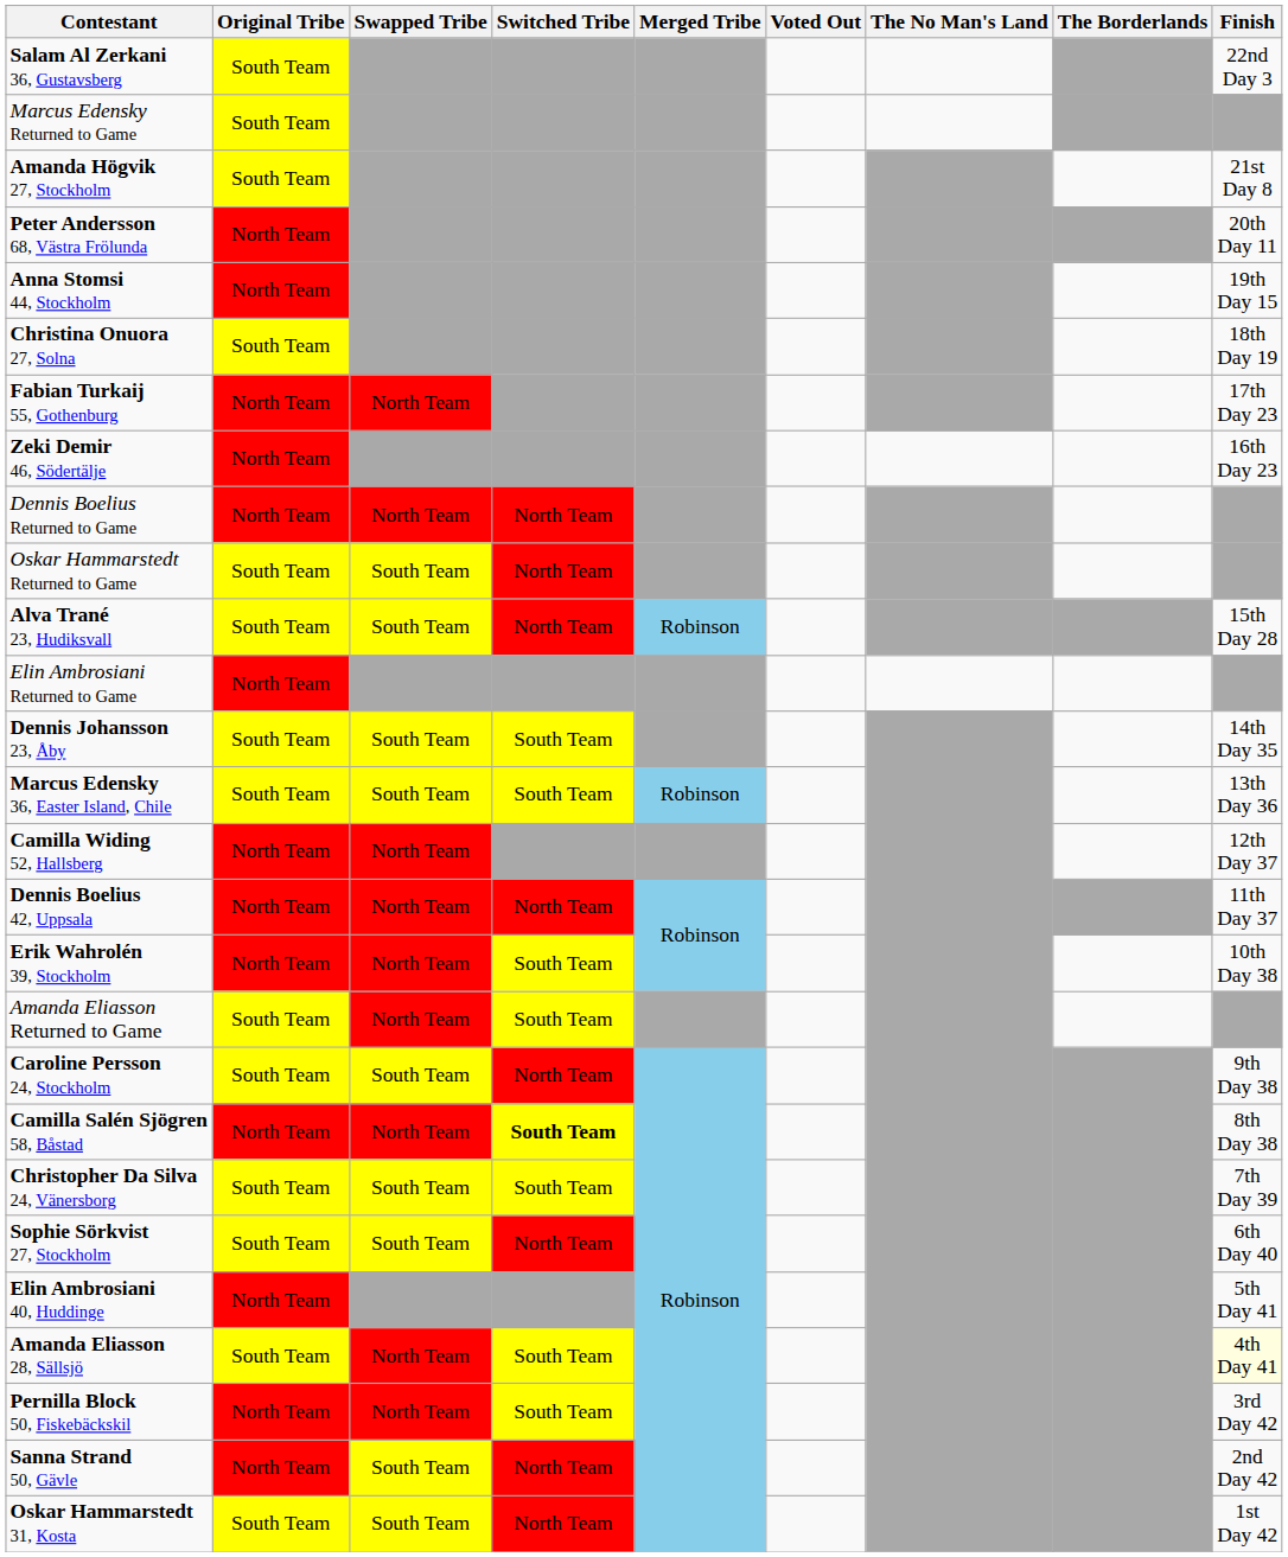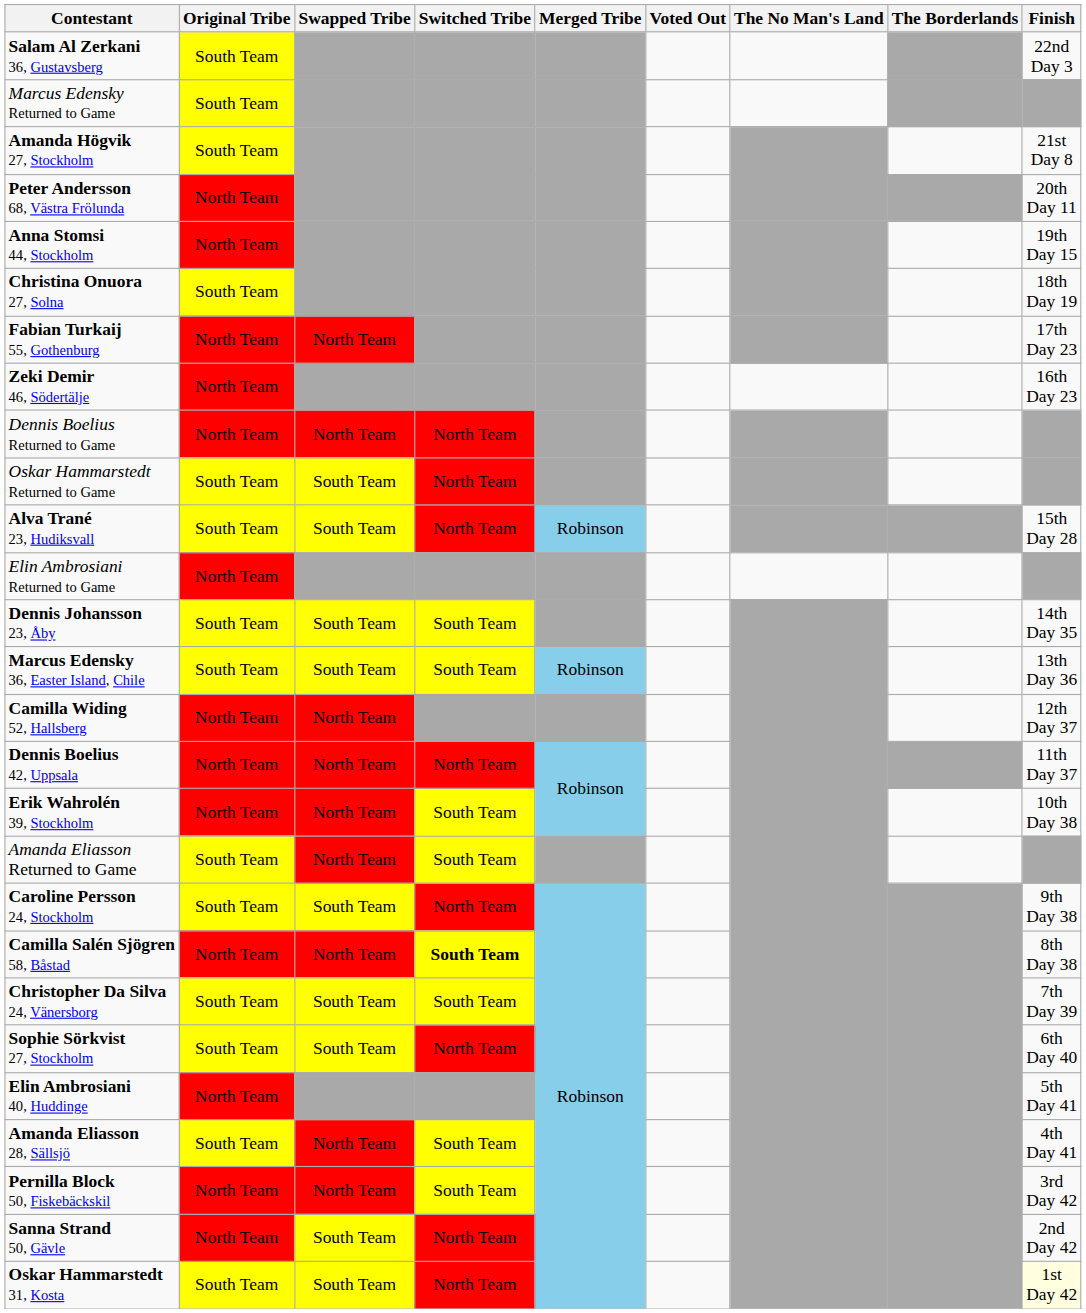 <table class="wikitable" style="margin:auto; text-align:center">
 <tr>
 <th>Contestant</th>
 <th>Original Tribe</th>
 <th>Swapped Tribe</th>
 <th>Switched Tribe</th>
 <th>Merged Tribe</th>
 <th>Voted Out</th>
 <th>The No Man's Land</th>
 <th>The Borderlands</th>
 <th>Finish</th>
 </tr>
 <tr>
 <td style="text-align: left;"><strong>Salam Al Zerkani</strong><br><small>36, <a href='#'>Gustavsberg</a></small></td>
 <td bgcolor="yellow">South Team</td>
 <td bgcolor="darkgrey"></td>
 <td bgcolor="darkgrey"></td>
 <td bgcolor="darkgrey"></td>
 <td></td>
 <td></td>
 <td bgcolor="darkgrey"></td>
 <td>22nd<br>Day 3</td>
 </tr>
 <tr>
 <td style="text-align: left;"><em>Marcus Edensky</em><br><small>Returned to Game</small></td>
 <td bgcolor="yellow">South Team</td>
 <td bgcolor="darkgrey"></td>
 <td bgcolor="darkgrey"></td>
 <td bgcolor="darkgrey"></td>
 <td></td>
 <td></td>
 <td bgcolor="darkgrey"></td>
 <td bgcolor="darkgrey"></td>
 </tr>
 <tr>
 <td style="text-align: left;"><strong>Amanda Högvik</strong><br><small>27, <a href='#'>Stockholm</a></small></td>
 <td bgcolor="yellow">South Team</td>
 <td bgcolor="darkgrey"></td>
 <td bgcolor="darkgrey"></td>
 <td bgcolor="darkgrey"></td>
 <td></td>
 <td bgcolor="darkgrey"></td>
 <td></td>
 <td>21st<br>Day 8</td>
 </tr>
 <tr>
 <td style="text-align: left;"><strong>Peter Andersson</strong><br><small>68, <a href='#'>Västra Frölunda</a></small></td>
 <td bgcolor="red">North Team</td>
 <td bgcolor="darkgrey"></td>
 <td bgcolor="darkgrey"></td>
 <td bgcolor="darkgrey"></td>
 <td></td>
 <td bgcolor="darkgrey"></td>
 <td bgcolor="darkgrey"></td>
 <td>20th<br>Day 11</td>
 </tr>
 <tr>
 <td style="text-align: left;"><strong>Anna Stomsi</strong><br><small>44, <a href='#'>Stockholm</a></small></td>
 <td bgcolor="red">North Team</td>
 <td bgcolor="darkgrey"></td>
 <td bgcolor="darkgrey"></td>
 <td bgcolor="darkgrey"></td>
 <td></td>
 <td bgcolor="darkgrey"></td>
 <td></td>
 <td>19th<br>Day 15</td>
 </tr>
 <tr>
 <td style="text-align: left;"><strong>Christina Onuora</strong><br><small>27, <a href='#'>Solna</a></small></td>
 <td bgcolor="yellow">South Team</td>
 <td bgcolor="darkgrey"></td>
 <td bgcolor="darkgrey"></td>
 <td bgcolor="darkgrey"></td>
 <td></td>
 <td bgcolor="darkgrey"></td>
 <td></td>
 <td>18th<br>Day 19</td>
 </tr>
 <tr>
 <td style="text-align: left;"><strong>Fabian Turkaij</strong><br><small>55, <a href='#'>Gothenburg</a></small></td>
 <td bgcolor="red">North Team</td>
 <td bgcolor="red">North Team</td>
 <td bgcolor="darkgrey"></td>
 <td bgcolor="darkgrey"></td>
 <td></td>
 <td bgcolor="darkgrey"></td>
 <td></td>
 <td>17th<br>Day 23</td>
 </tr>
 <tr>
 <td style="text-align: left;"><strong>Zeki Demir</strong><br><small>46, <a href='#'>Södertälje</a></small></td>
 <td bgcolor="red">North Team</td>
 <td bgcolor="darkgrey"></td>
 <td bgcolor="darkgrey"></td>
 <td bgcolor="darkgrey"></td>
 <td></td>
 <td></td>
 <td></td>
 <td>16th<br>Day 23</td>
 </tr>
 <tr>
 <td style="text-align: left;"><em>Dennis Boelius</em><br><small>Returned to Game</small></td>
 <td bgcolor="red">North Team</td>
 <td bgcolor="red">North Team</td>
 <td bgcolor="red">North Team</td>
 <td bgcolor="darkgrey"></td>
 <td></td>
 <td bgcolor="darkgrey"></td>
 <td></td>
 <td bgcolor="darkgrey"></td>
 </tr>
 <tr>
 <td style="text-align: left;"><em>Oskar Hammarstedt</em><br><small>Returned to Game</small></td>
 <td bgcolor="yellow">South Team</td>
 <td bgcolor="yellow">South Team</td>
 <td bgcolor="red">North Team</td>
 <td bgcolor="darkgrey"></td>
 <td></td>
 <td bgcolor="darkgrey"></td>
 <td></td>
 <td bgcolor="darkgrey"></td>
 </tr>
 <tr>
 <td style="text-align: left;"><strong>Alva Trané</strong><br><small>23, <a href='#'>Hudiksvall</a></small></td>
 <td bgcolor="yellow">South Team</td>
 <td bgcolor="yellow">South Team</td>
 <td bgcolor="red">North Team</td>
 <td bgcolor="skyblue">Robinson</td>
 <td></td>
 <td bgcolor="darkgrey"></td>
 <td bgcolor="darkgrey"></td>
 <td>15th<br>Day 28</td>
 </tr>
 <tr>
 <td style="text-align: left;"><em>Elin Ambrosiani</em><br><small>Returned to Game</small></td>
 <td bgcolor="red">North Team</td>
 <td bgcolor="darkgrey"></td>
 <td bgcolor="darkgrey"></td>
 <td bgcolor="darkgrey"></td>
 <td></td>
 <td></td>
 <td></td>
 <td bgcolor="darkgrey"></td>
 </tr>
 <tr>
 <td style="text-align: left;"><strong>Dennis Johansson</strong><br><small>23, <a href='#'>Åby</a></small></td>
 <td bgcolor="yellow">South Team</td>
 <td bgcolor="yellow">South Team</td>
 <td bgcolor="yellow">South Team</td>
 <td bgcolor="darkgrey"></td>
 <td></td>
 <td rowspan="15" bgcolor="darkgrey"></td>
 <td></td>
 <td>14th<br>Day 35</td>
 </tr>
 <tr>
 <td style="text-align: left;"><strong>Marcus Edensky</strong><br><small>36, <a href='#'>Easter Island</a>, <a href='#'>Chile</a></small></td>
 <td bgcolor="yellow">South Team</td>
 <td bgcolor="yellow">South Team</td>
 <td bgcolor="yellow">South Team</td>
 <td bgcolor="skyblue">Robinson</td>
 <td></td>
 <td></td>
 <td>13th<br>Day 36</td>
 </tr>
 <tr>
 <td style="text-align: left;"><strong>Camilla Widing</strong><br><small>52, <a href='#'>Hallsberg</a></small></td>
 <td bgcolor="red">North Team</td>
 <td bgcolor="red">North Team</td>
 <td bgcolor="darkgrey"></td>
 <td bgcolor="darkgrey"></td>
 <td></td>
 <td></td>
 <td>12th<br>Day 37</td>
 </tr>
 <tr>
 <td style="text-align: left;"><strong>Dennis Boelius</strong><br><small>42, <a href='#'>Uppsala</a></small></td>
 <td bgcolor="red">North Team</td>
 <td bgcolor="red">North Team</td>
 <td bgcolor="red">North Team</td>
 <td rowspan="2" bgcolor="skyblue">Robinson</td>
 <td></td>
 <td bgcolor="darkgrey"></td>
 <td>11th<br>Day 37</td>
 </tr>
 <tr>
 <td style="text-align: left;"><strong>Erik Wahrolén</strong><br><small>39, <a href='#'>Stockholm</a></small></td>
 <td bgcolor="red">North Team</td>
 <td bgcolor="red">North Team</td>
 <td bgcolor="yellow">South Team</td>
 <td></td>
 <td></td>
 <td>10th<br>Day 38</td>
 </tr>
 <tr>
 <td style="text-align: left;"><em>Amanda Eliasson</em><br>Returned to Game</td>
 <td bgcolor="yellow">South Team</td>
 <td bgcolor="red">North Team</td>
 <td bgcolor="yellow">South Team</td>
 <td bgcolor="darkgrey"></td>
 <td></td>
 <td></td>
 <td bgcolor="darkgrey"></td>
 </tr>
 <tr>
 <td style="text-align: left;"><strong>Caroline Persson</strong><br><small>24, <a href='#'>Stockholm</a></small></td>
 <td bgcolor="yellow">South Team</td>
 <td bgcolor="yellow">South Team</td>
 <td bgcolor="red">North Team</td>
 <td rowspan="9" bgcolor="skyblue">Robinson</td>
 <td></td>
 <td rowspan="9" bgcolor="darkgrey"></td>
 <td>9th<br>Day 38</td>
 </tr>
 <tr>
 <td style="text-align: left;"><strong>Camilla Salén Sjögren</strong><br><small>58, <a href='#'>Båstad</a></small></td>
 <td bgcolor="red">North Team</td>
 <td bgcolor="red">North Team</td>
 <td bgcolor="yellow"><strong>South Team</strong></td>
 <td></td>
 <td>8th<br>Day 38</td>
 </tr>
 <tr>
 <td style="text-align: left;"><strong>Christopher Da Silva</strong><br><small>24, <a href='#'>Vänersborg</a></small></td>
 <td bgcolor="yellow">South Team</td>
 <td bgcolor="yellow">South Team</td>
 <td bgcolor="yellow">South Team</td>
 <td></td>
 <td>7th<br>Day 39</td>
 </tr>
 <tr>
 <td style="text-align: left;"><strong>Sophie Sörkvist</strong><br><small>27, <a href='#'>Stockholm</a></small></td>
 <td bgcolor="yellow">South Team</td>
 <td bgcolor="yellow">South Team</td>
 <td bgcolor="red">North Team</td>
 <td></td>
 <td>6th<br>Day 40</td>
 </tr>
 <tr>
 <td style="text-align: left;"><strong>Elin Ambrosiani</strong><br><small>40, <a href='#'>Huddinge</a></small></td>
 <td bgcolor="red">North Team</td>
 <td bgcolor="darkgrey"></td>
 <td bgcolor="darkgrey"></td>
 <td></td>
 <td>5th<br>Day 41</td>
 </tr>
 <tr>
 <td style="text-align: left;"><strong>Amanda Eliasson</strong><br><small>28, <a href='#'>Sällsjö</a></small></td>
 <td bgcolor="yellow">South Team</td>
 <td bgcolor="red">North Team</td>
 <td bgcolor="yellow">South Team</td>
 <td></td>
-<td style="background: lightyellow;">4th<br>Day 41</td>
+<td>4th<br>Day 41</td>
 </tr>
 <tr>
 <td style="text-align: left;"><strong>Pernilla Block</strong><br><small>50, <a href='#'>Fiskebäckskil</a></small></td>
 <td bgcolor="red">North Team</td>
 <td bgcolor="red">North Team</td>
 <td bgcolor="yellow">South Team</td>
 <td></td>
 <td>3rd<br>Day 42</td>
 </tr>
 <tr>
 <td style="text-align: left;"><strong>Sanna Strand</strong><br><small>50, <a href='#'>Gävle</a></small></td>
 <td bgcolor="red">North Team</td>
 <td bgcolor="yellow">South Team</td>
 <td bgcolor="red">North Team</td>
 <td></td>
 <td>2nd<br>Day 42</td>
 </tr>
 <tr>
 <td style="text-align: left;"><strong>Oskar Hammarstedt</strong><br><small>31, <a href='#'>Kosta</a></small></td>
 <td bgcolor="yellow">South Team</td>
 <td bgcolor="yellow">South Team</td>
 <td bgcolor="red">North Team</td>
 <td></td>
-<td>1st<br>Day 42</td>
+<td style="background: lightyellow;">1st<br>Day 42</td>
 </tr>
 <tr>
 </tr>
 </table>
